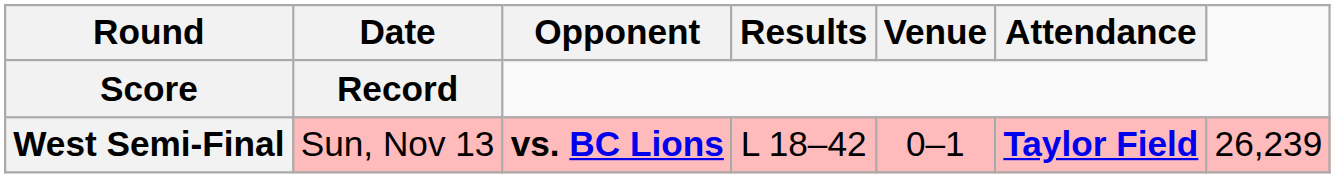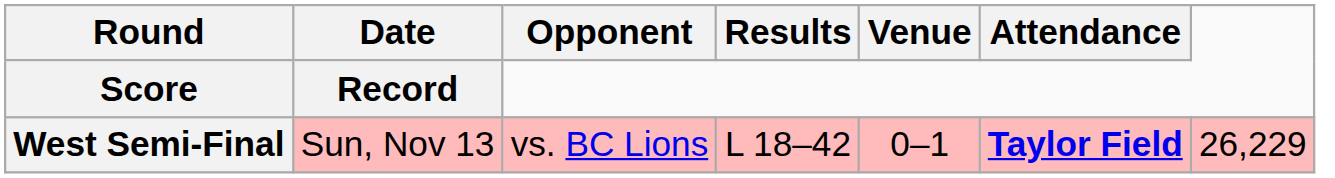 <table class="wikitable" style="text-align:center">
 <tr>
 <th>Round</th>
 <th>Date</th>
 <th>Opponent</th>
 <th>Results</th>
 <th>Venue</th>
 <th>Attendance</th>
 </tr>
 <tr>
 <th>Score</th>
 <th>Record</th>
 </tr>
 <tr style="background:#ffbbbb">
 <th>West Semi-Final</th>
 <td>Sun, Nov 13</td>
-<td><strong>vs. <a href='#'>BC Lions</a></strong></td>
+<td>vs. <a href='#'>BC Lions</a></td>
 <td>L 18–42</td>
 <td>0–1</td>
 <td><strong><a href='#'>Taylor Field</a></strong></td>
-<td>26,239</td>
+<td>26,229</td>
 </tr>
 </table>
